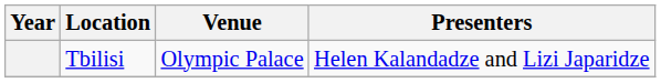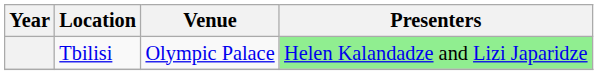 <table class="wikitable plainrowheaders">
 <tr>
 <th>Year</th>
 <th>Location</th>
 <th>Venue</th>
 <th>Presenters</th>
 </tr>
 <tr>
 <th scope="row"></th>
 <td><a href='#'>Tbilisi</a></td>
 <td><a href='#'>Olympic Palace</a></td>
-<td><a href='#'>Helen Kalandadze</a> and <a href='#'>Lizi Japaridze</a></td>
+<td style="background: lightgreen;"><a href='#'>Helen Kalandadze</a> and <a href='#'>Lizi Japaridze</a></td>
 </tr>
 <tr>
 </tr>
 </table>
